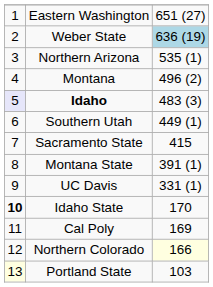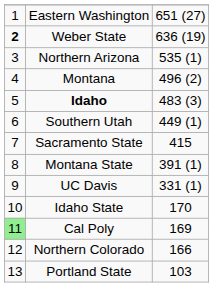 <table class="wikitable" style="display: inline-table;">
 <tr align="center">
 </tr>
 <tr align="center">
 <td>1</td>
 <td>Eastern Washington</td>
 <td>651 (27)</td>
 </tr>
 <tr align="center">
-<td>2</td>
+<td><strong>2</strong></td>
 <td>Weber State</td>
-<td style="background: lightblue;">636 (19)</td>
+<td>636 (19)</td>
 </tr>
 <tr align="center">
 <td>3</td>
 <td>Northern Arizona</td>
 <td>535 (1)</td>
 </tr>
 <tr align="center">
 <td>4</td>
 <td>Montana</td>
 <td>496 (2)</td>
 </tr>
 <tr align="center">
-<td style="background: lavender;">5</td>
+<td>5</td>
 <td><strong>Idaho</strong></td>
 <td>483 (3)</td>
 </tr>
 <tr align="center">
 <td>6</td>
 <td>Southern Utah</td>
 <td>449 (1)</td>
 </tr>
 <tr align="center">
 <td>7</td>
 <td>Sacramento State</td>
 <td>415</td>
 </tr>
 <tr align="center">
 <td>8</td>
 <td>Montana State</td>
 <td>391 (1)</td>
 </tr>
 <tr align="center">
 <td>9</td>
 <td>UC Davis</td>
 <td>331 (1)</td>
 </tr>
 <tr align="center">
-<td><strong>10</strong></td>
+<td>10</td>
 <td>Idaho State</td>
 <td>170</td>
 </tr>
 <tr align="center">
-<td>11</td>
+<td style="background: lightgreen;">11</td>
 <td>Cal Poly</td>
 <td>169</td>
 </tr>
 <tr align="center">
 <td>12</td>
 <td>Northern Colorado</td>
-<td style="background: lightyellow;">166</td>
+<td>166</td>
 </tr>
 <tr align="center">
-<td style="background: lightyellow;">13</td>
+<td>13</td>
 <td>Portland State</td>
 <td>103</td>
 </tr>
 </table>
